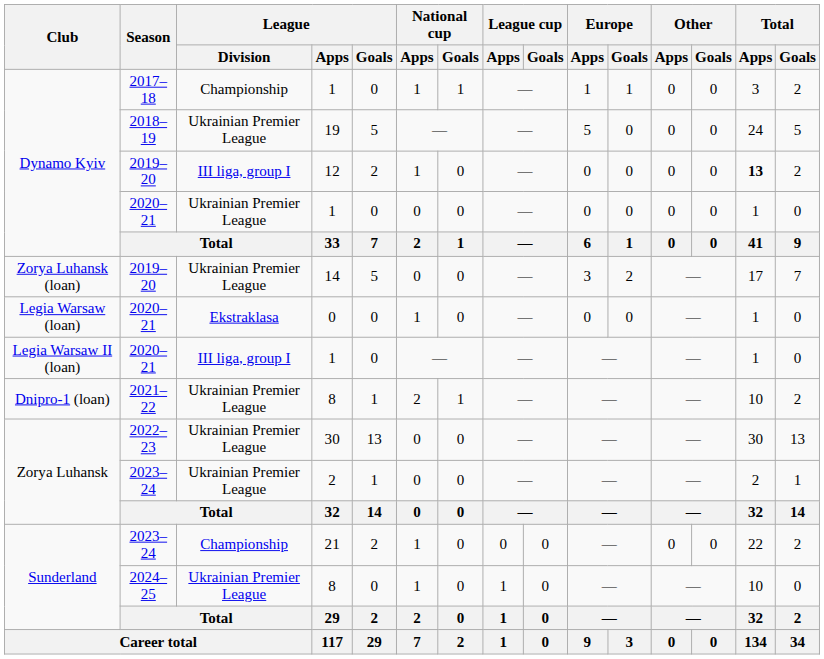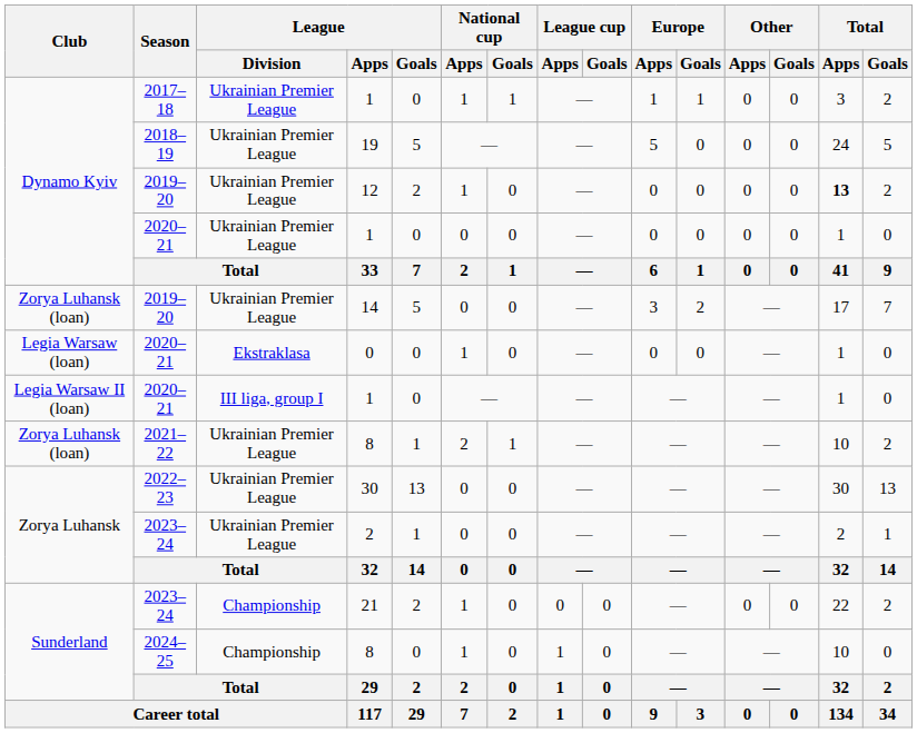 <table class="wikitable" style="text-align: center;">
 <tr>
 <th rowspan="2">Club</th>
 <th rowspan="2">Season</th>
 <th colspan="3">League</th>
 <th colspan="2">National cup</th>
 <th colspan="2">League cup</th>
 <th colspan="2">Europe</th>
 <th colspan="2">Other</th>
 <th colspan="2">Total</th>
 </tr>
 <tr>
 <th>Division</th>
 <th>Apps</th>
 <th>Goals</th>
 <th>Apps</th>
 <th>Goals</th>
 <th>Apps</th>
 <th>Goals</th>
 <th>Apps</th>
 <th>Goals</th>
 <th>Apps</th>
 <th>Goals</th>
 <th>Apps</th>
 <th>Goals</th>
 </tr>
 <tr>
 <td rowspan="5"><a href='#'>Dynamo Kyiv</a></td>
 <td><a href='#'>2017–18</a></td>
-<td>Championship</td>
+<td><a href='#'>Ukrainian Premier League</a></td>
 <td>1</td>
 <td>0</td>
 <td>1</td>
 <td>1</td>
 <td colspan="2">—</td>
 <td>1</td>
 <td>1</td>
 <td>0</td>
 <td>0</td>
 <td>3</td>
 <td>2</td>
 </tr>
 <tr>
 <td><a href='#'>2018–19</a></td>
 <td>Ukrainian Premier League</td>
 <td>19</td>
 <td>5</td>
 <td colspan="2">—</td>
 <td colspan="2">—</td>
 <td>5</td>
 <td>0</td>
 <td>0</td>
 <td>0</td>
 <td>24</td>
 <td>5</td>
 </tr>
 <tr>
 <td><a href='#'>2019–20</a></td>
-<td><a href='#'>III liga, group I</a></td>
+<td>Ukrainian Premier League</td>
 <td>12</td>
 <td>2</td>
 <td>1</td>
 <td>0</td>
 <td colspan="2">—</td>
 <td>0</td>
 <td>0</td>
 <td>0</td>
 <td>0</td>
 <td><strong>13</strong></td>
 <td>2</td>
 </tr>
 <tr>
 <td><a href='#'>2020–21</a></td>
 <td>Ukrainian Premier League</td>
 <td>1</td>
 <td>0</td>
 <td>0</td>
 <td>0</td>
 <td colspan="2">—</td>
 <td>0</td>
 <td>0</td>
 <td>0</td>
 <td>0</td>
 <td>1</td>
 <td>0</td>
 </tr>
 <tr>
 <th colspan="2">Total</th>
 <th>33</th>
 <th>7</th>
 <th>2</th>
 <th>1</th>
 <th colspan="2">—</th>
 <th>6</th>
 <th>1</th>
 <th>0</th>
 <th>0</th>
 <th>41</th>
 <th>9</th>
 </tr>
 <tr>
 <td><a href='#'>Zorya Luhansk</a> (loan)</td>
 <td><a href='#'>2019–20</a></td>
 <td>Ukrainian Premier League</td>
 <td>14</td>
 <td>5</td>
 <td>0</td>
 <td>0</td>
 <td colspan="2">—</td>
 <td>3</td>
 <td>2</td>
 <td colspan="2">—</td>
 <td>17</td>
 <td>7</td>
 </tr>
 <tr>
 <td><a href='#'>Legia Warsaw</a> (loan)</td>
 <td><a href='#'>2020–21</a></td>
 <td><a href='#'>Ekstraklasa</a></td>
 <td>0</td>
 <td>0</td>
 <td>1</td>
 <td>0</td>
 <td colspan="2">—</td>
 <td>0</td>
 <td>0</td>
 <td colspan="2">—</td>
 <td>1</td>
 <td>0</td>
 </tr>
 <tr>
 <td><a href='#'>Legia Warsaw II</a> (loan)</td>
 <td><a href='#'>2020–21</a></td>
 <td><a href='#'>III liga, group I</a></td>
 <td>1</td>
 <td>0</td>
 <td colspan="2">—</td>
 <td colspan="2">—</td>
 <td colspan="2">—</td>
 <td colspan="2">—</td>
 <td>1</td>
 <td>0</td>
 </tr>
 <tr>
-<td><a href='#'>Dnipro-1</a> (loan)</td>
+<td><a href='#'>Zorya Luhansk</a> (loan)</td>
 <td><a href='#'>2021–22</a></td>
 <td>Ukrainian Premier League</td>
 <td>8</td>
 <td>1</td>
 <td>2</td>
 <td>1</td>
 <td colspan="2">—</td>
 <td colspan="2">—</td>
 <td colspan="2">—</td>
 <td>10</td>
 <td>2</td>
 </tr>
 <tr>
 <td rowspan="3">Zorya Luhansk</td>
 <td><a href='#'>2022–23</a></td>
 <td>Ukrainian Premier League</td>
 <td>30</td>
 <td>13</td>
 <td>0</td>
 <td>0</td>
 <td colspan="2">—</td>
 <td colspan="2">—</td>
 <td colspan="2">—</td>
 <td>30</td>
 <td>13</td>
 </tr>
 <tr>
 <td><a href='#'>2023–24</a></td>
 <td>Ukrainian Premier League</td>
 <td>2</td>
 <td>1</td>
 <td>0</td>
 <td>0</td>
 <td colspan="2">—</td>
 <td colspan="2">—</td>
 <td colspan="2">—</td>
 <td>2</td>
 <td>1</td>
 </tr>
 <tr>
 <th colspan="2">Total</th>
 <th>32</th>
 <th>14</th>
 <th>0</th>
 <th>0</th>
 <th colspan="2">—</th>
 <th colspan="2">—</th>
 <th colspan="2">—</th>
 <th>32</th>
 <th>14</th>
 </tr>
 <tr>
 <td rowspan="3"><a href='#'>Sunderland</a></td>
 <td><a href='#'>2023–24</a></td>
 <td><a href='#'>Championship</a></td>
 <td>21</td>
 <td>2</td>
 <td>1</td>
 <td>0</td>
 <td>0</td>
 <td>0</td>
 <td colspan="2">—</td>
 <td>0</td>
 <td>0</td>
 <td>22</td>
 <td>2</td>
 </tr>
 <tr>
 <td><a href='#'>2024–25</a></td>
-<td><a href='#'>Ukrainian Premier League</a></td>
+<td>Championship</td>
 <td>8</td>
 <td>0</td>
 <td>1</td>
 <td>0</td>
 <td>1</td>
 <td>0</td>
 <td colspan="2">—</td>
 <td colspan="2">—</td>
 <td>10</td>
 <td>0</td>
 </tr>
 <tr>
 <th colspan="2">Total</th>
 <th>29</th>
 <th>2</th>
 <th>2</th>
 <th>0</th>
 <th>1</th>
 <th>0</th>
 <th colspan="2">—</th>
 <th colspan="2">—</th>
 <th>32</th>
 <th>2</th>
 </tr>
 <tr>
 <th colspan="3">Career total</th>
 <th>117</th>
 <th>29</th>
 <th>7</th>
 <th>2</th>
 <th>1</th>
 <th>0</th>
 <th>9</th>
 <th>3</th>
 <th>0</th>
 <th>0</th>
 <th>134</th>
 <th>34</th>
 </tr>
 </table>
